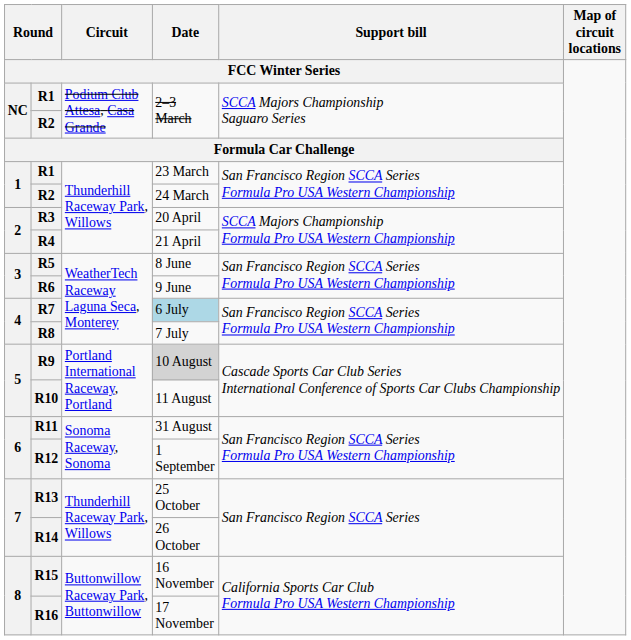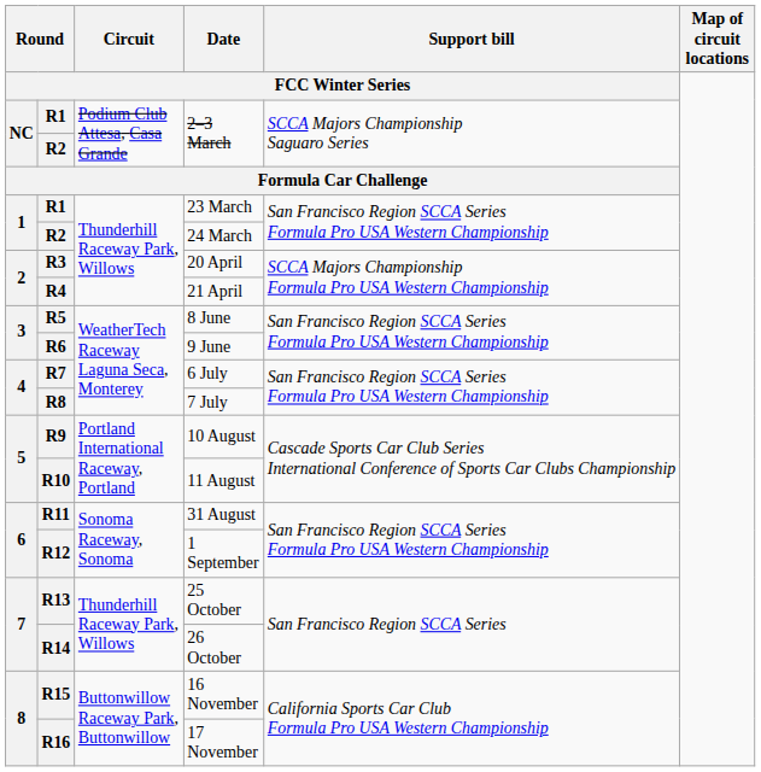 <table class="wikitable" style="font-size: 85%;">
 <tr>
 <th colspan="2">Round</th>
 <th>Circuit</th>
 <th>Date</th>
 <th>Support bill</th>
 <th>Map of circuit locations</th>
 </tr>
 <tr>
 <th colspan="5">FCC Winter Series</th>
 <td rowspan="20"></td>
 </tr>
 <tr>
 <th rowspan="2">NC</th>
 <th>R1</th>
 <td rowspan="2"> <s><a href='#'>Podium Club Attesa</a>, <a href='#'>Casa Grande</a></s></td>
 <td rowspan="2"><s>2–3 March</s></td>
 <td rowspan="2"><em><a href='#'>SCCA</a> Majors Championship<br>Saguaro Series</em></td>
 </tr>
 <tr>
 <th>R2</th>
 </tr>
 <tr>
 <th colspan="5">Formula Car Challenge</th>
 </tr>
 <tr>
 <th rowspan="2">1</th>
 <th>R1</th>
 <td rowspan="4"> <a href='#'>Thunderhill Raceway Park</a>, <a href='#'>Willows</a></td>
 <td>23 March</td>
 <td rowspan="2"><em>San Francisco Region <a href='#'>SCCA</a> Series<br><a href='#'>Formula Pro USA Western Championship</a></em></td>
 </tr>
 <tr>
 <th>R2</th>
 <td>24 March</td>
 </tr>
 <tr>
 <th rowspan="2">2</th>
 <th>R3</th>
 <td>20 April</td>
 <td rowspan="2"><em><a href='#'>SCCA</a> Majors Championship<br><a href='#'>Formula Pro USA Western Championship</a></em></td>
 </tr>
 <tr>
 <th>R4</th>
 <td>21 April</td>
 </tr>
 <tr>
 <th rowspan="2">3</th>
 <th>R5</th>
 <td rowspan="4"> <a href='#'>WeatherTech Raceway Laguna Seca</a>, <a href='#'>Monterey</a></td>
 <td>8 June</td>
 <td rowspan="2"><em>San Francisco Region <a href='#'>SCCA</a> Series<br><a href='#'>Formula Pro USA Western Championship</a></em></td>
 </tr>
 <tr>
 <th>R6</th>
 <td>9 June</td>
 </tr>
 <tr>
 <th rowspan="2">4</th>
 <th>R7</th>
-<td style="background: lightblue;">6 July</td>
+<td>6 July</td>
 <td rowspan="2"><em>San Francisco Region <a href='#'>SCCA</a> Series<br><a href='#'>Formula Pro USA Western Championship</a></em></td>
 </tr>
 <tr>
 <th>R8</th>
 <td>7 July</td>
 </tr>
 <tr>
 <th rowspan="2">5</th>
 <th>R9</th>
 <td rowspan="2"> <a href='#'>Portland International Raceway</a>, <a href='#'>Portland</a></td>
-<td style="background: lightgrey;">10 August</td>
+<td>10 August</td>
 <td rowspan="2" nowrap><em>Cascade Sports Car Club Series<br>International Conference of Sports Car Clubs Championship</em></td>
 </tr>
 <tr>
 <th>R10</th>
 <td>11 August</td>
 </tr>
 <tr>
 <th rowspan="2">6</th>
 <th>R11</th>
 <td rowspan="2"> <a href='#'>Sonoma Raceway</a>, <a href='#'>Sonoma</a></td>
 <td>31 August</td>
 <td rowspan="2"><em>San Francisco Region <a href='#'>SCCA</a> Series<br><a href='#'>Formula Pro USA Western Championship</a></em></td>
 </tr>
 <tr>
 <th>R12</th>
 <td>1 September</td>
 </tr>
 <tr>
 <th rowspan="2">7</th>
 <th>R13</th>
 <td rowspan="2"> <a href='#'>Thunderhill Raceway Park</a>, <a href='#'>Willows</a></td>
 <td>25 October</td>
 <td rowspan="2"><em>San Francisco Region <a href='#'>SCCA</a> Series</em></td>
 </tr>
 <tr>
 <th>R14</th>
 <td>26 October</td>
 </tr>
 <tr>
 <th rowspan="2">8</th>
 <th>R15</th>
 <td rowspan="2"> <a href='#'>Buttonwillow Raceway Park</a>, <a href='#'>Buttonwillow</a></td>
 <td>16 November</td>
 <td rowspan="2"><em>California Sports Car Club<br><a href='#'>Formula Pro USA Western Championship</a></em></td>
 </tr>
 <tr>
 <th>R16</th>
 <td>17 November</td>
 </tr>
 </table>
